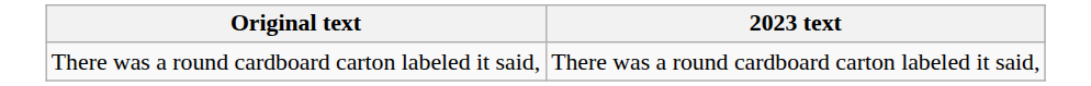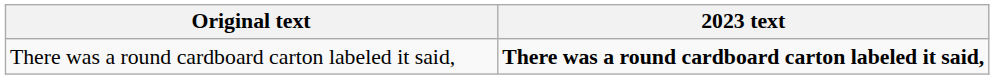 <table style="margin:auto;"  class="wikitable">
 <tr>
 <th style="width: 50%;">Original text</th>
 <th style="width: 50%;">2023 text</th>
 </tr>
 <tr>
 <td>There was a round cardboard carton labeled  it said, </td>
-<td>There was a round cardboard carton labeled  it said, </td>
+<td><strong>There was a round cardboard carton labeled  it said, </strong></td>
 </tr>
 </table>
